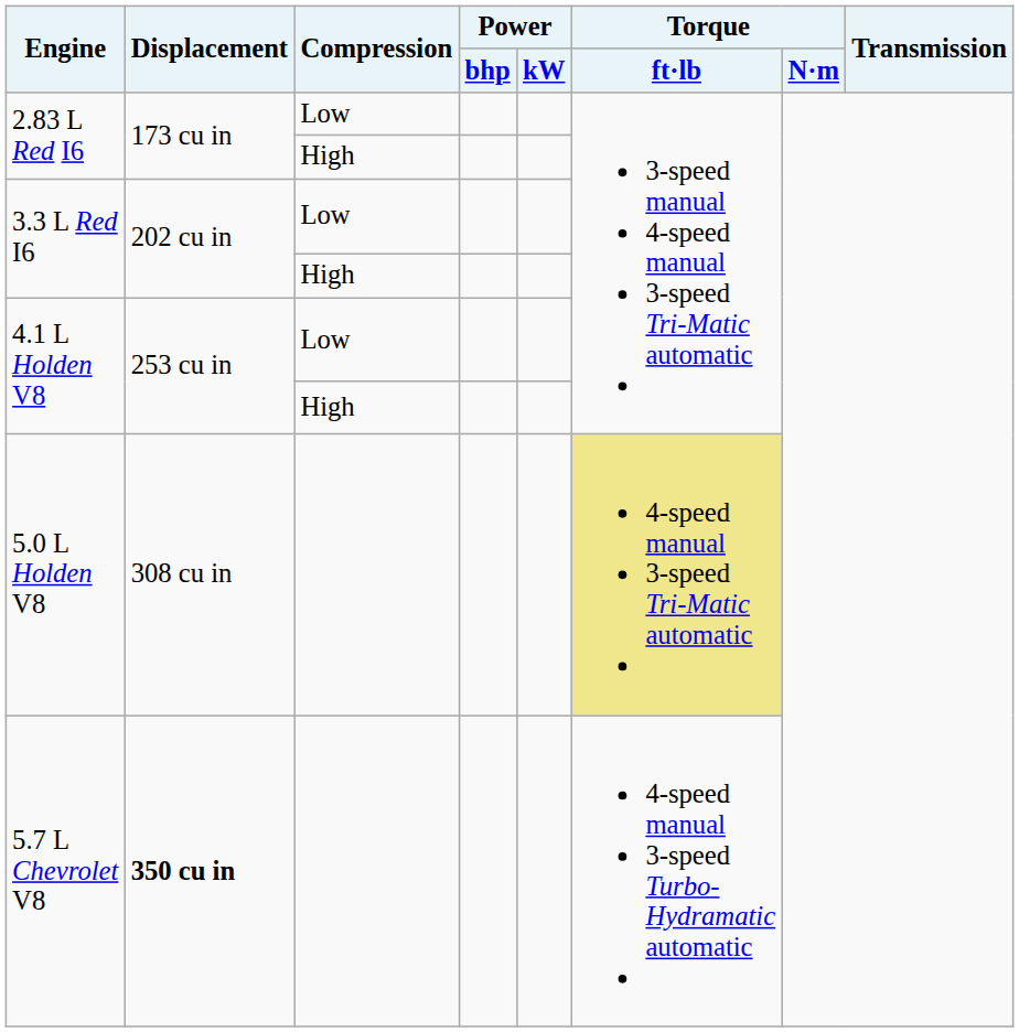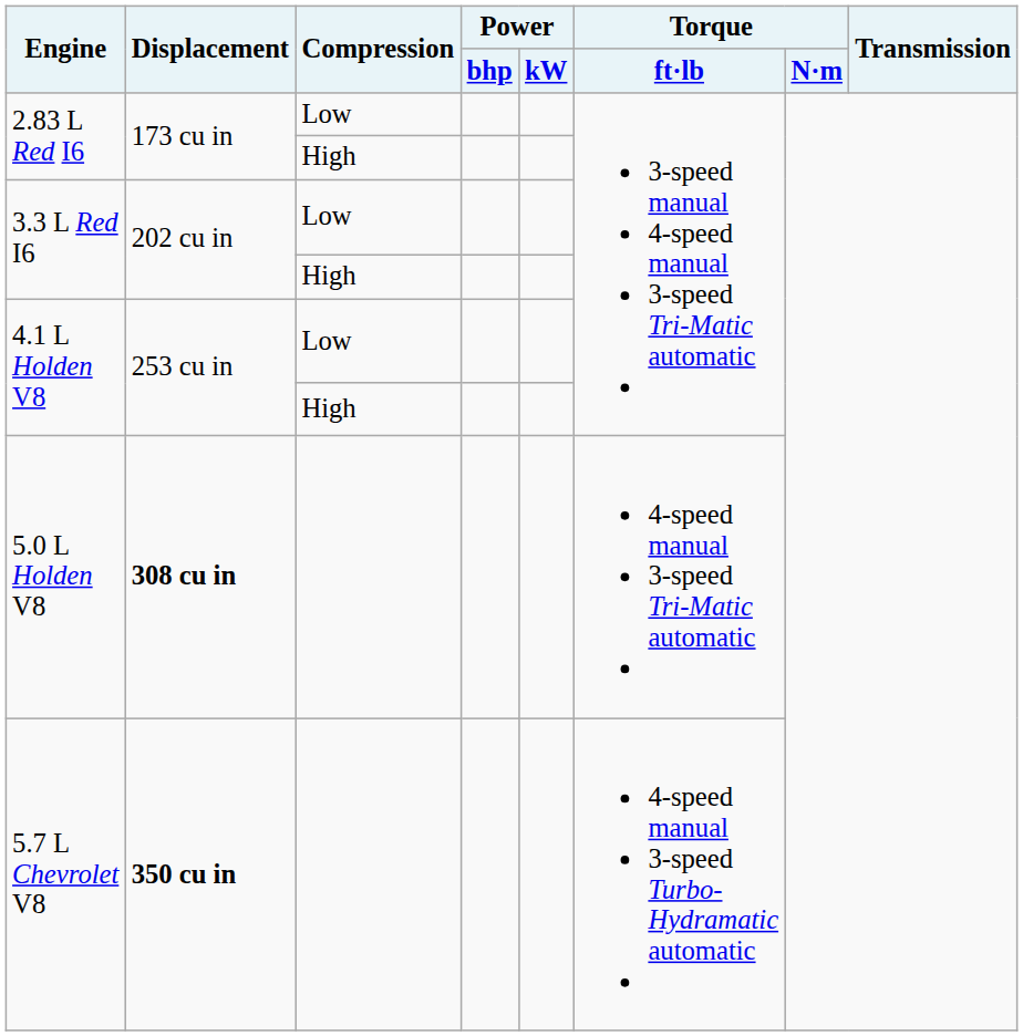 <table class="wikitable" table align="left" style="margin-left: 1em">
 <tr>
 <th style="background:#E8F4F8;" rowspan=2>Engine</th>
 <th style="background:#E8F4F8;" rowspan=2>Displacement</th>
 <th style="background:#E8F4F8;" rowspan=2>Compression</th>
 <th style="background:#E8F4F8;" colspan=2>Power</th>
 <th style="background:#E8F4F8;" colspan=2>Torque</th>
 <th style="background:#E8F4F8;" rowspan=2>Transmission</th>
 </tr>
 <tr>
 <th style="background:#E8F4F8;"><a href='#'>bhp</a></th>
 <th style="background:#E8F4F8;"><a href='#'>kW</a></th>
 <th style="background:#E8F4F8;"><a href='#'>ft·lb</a></th>
 <th style="background:#E8F4F8;"><a href='#'>N·m</a></th>
 </tr>
 <tr>
 <td rowspan="2">2.83 L <em><a href='#'>Red</a></em> <a href='#'>I6</a></td>
 <td rowspan="2">173 cu in</td>
 <td>Low</td>
 <td></td>
 <td></td>
 <td rowspan="6"><br><ul><li>3-speed <a href='#'>manual</a></li><li>4-speed <a href='#'>manual</a></li><li>3-speed <em><a href='#'>Tri-Matic</a></em> <a href='#'>automatic</a></li><li></li></ul></td>
 </tr>
 <tr>
 <td>High</td>
 <td></td>
 <td></td>
 </tr>
 <tr>
 <td rowspan="2">3.3 L <em><a href='#'>Red</a></em> I6</td>
 <td rowspan="2">202 cu in</td>
 <td>Low</td>
 <td></td>
 <td></td>
 </tr>
 <tr>
 <td>High</td>
 <td></td>
 <td></td>
 </tr>
 <tr>
 <td rowspan="2">4.1 L <em><a href='#'>Holden</a></em> <a href='#'>V8</a></td>
 <td rowspan="2">253 cu in</td>
 <td>Low</td>
 <td></td>
 <td></td>
 </tr>
 <tr>
 <td>High</td>
 <td></td>
 <td></td>
 </tr>
 <tr>
 <td>5.0 L <em><a href='#'>Holden</a></em> V8</td>
-<td>308 cu in</td>
+<td><strong>308 cu in</strong></td>
 <td></td>
 <td></td>
 <td></td>
-<td style="background: khaki;"><br><ul><li>4-speed <a href='#'>manual</a></li><li>3-speed <em><a href='#'>Tri-Matic</a></em> <a href='#'>automatic</a></li><li></li></ul></td>
+<td><br><ul><li>4-speed <a href='#'>manual</a></li><li>3-speed <em><a href='#'>Tri-Matic</a></em> <a href='#'>automatic</a></li><li></li></ul></td>
 </tr>
 <tr>
 <td>5.7 L <em><a href='#'>Chevrolet</a></em> V8</td>
 <td><strong>350 cu in</strong></td>
 <td></td>
 <td></td>
 <td></td>
 <td><br><ul><li>4-speed <a href='#'>manual</a></li><li>3-speed <em><a href='#'>Turbo-Hydramatic</a></em> <a href='#'>automatic</a></li><li></li></ul></td>
 </tr>
 </table>
